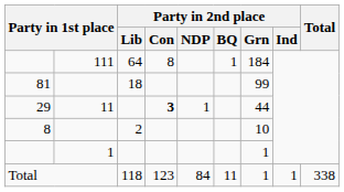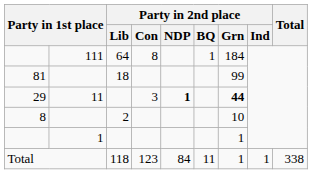 <table class="wikitable" style="text-align:right;">
 <tr>
 <th rowspan="2" colspan="2" style="text-align:left;">Party in 1st place</th>
 <th colspan="6">Party in 2nd place</th>
 <th rowspan="2">Total</th>
 </tr>
 <tr>
 <th>Lib</th>
 <th>Con</th>
 <th>NDP</th>
 <th>BQ</th>
 <th>Grn</th>
 <th>Ind</th>
 </tr>
 <tr>
 <td></td>
 <td>111</td>
 <td>64</td>
 <td>8</td>
 <td></td>
 <td>1</td>
 <td>184</td>
 </tr>
 <tr>
 <td>81</td>
 <td></td>
 <td>18</td>
 <td></td>
 <td></td>
 <td></td>
 <td>99</td>
 </tr>
 <tr>
 <td>29</td>
 <td>11</td>
 <td></td>
-<td><strong>3</strong></td>
-<td>1</td>
+<td>3</td>
+<td><strong>1</strong></td>
 <td></td>
-<td>44</td>
+<td><strong>44</strong></td>
 </tr>
 <tr>
 <td>8</td>
 <td></td>
 <td>2</td>
 <td></td>
 <td></td>
 <td></td>
 <td>10</td>
 </tr>
 <tr>
 <td></td>
 <td>1</td>
 <td></td>
 <td></td>
 <td></td>
 <td></td>
 <td>1</td>
 </tr>
 <tr>
 <td colspan="2" style="text-align:left;">Total</td>
 <td>118</td>
 <td>123</td>
 <td>84</td>
 <td>11</td>
 <td>1</td>
 <td>1</td>
 <td>338</td>
 </tr>
 </table>
